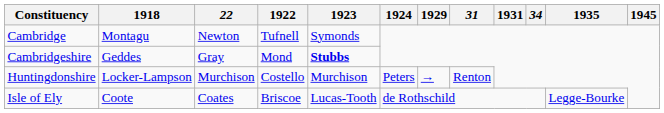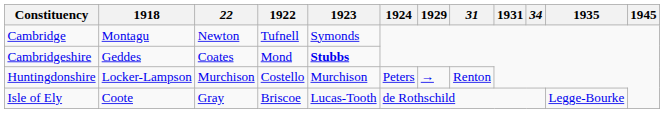 <table class="wikitable">
 <tr>
 <th>Constituency</th>
 <th>1918</th>
 <th><em>22</em></th>
 <th>1922</th>
 <th>1923</th>
 <th>1924</th>
 <th>1929</th>
 <th><em>31</em></th>
 <th>1931</th>
 <th><em>34</em></th>
 <th>1935</th>
 <th>1945</th>
 </tr>
 <tr>
 <td><a href='#'>Cambridge</a></td>
 <td><a href='#'>Montagu</a></td>
 <td><a href='#'>Newton</a></td>
 <td><a href='#'>Tufnell</a></td>
 <td><a href='#'>Symonds</a></td>
 </tr>
 <tr>
 <td><a href='#'>Cambridgeshire</a></td>
 <td><a href='#'>Geddes</a></td>
-<td><a href='#'>Gray</a></td>
+<td><a href='#'>Coates</a></td>
 <td bgcolor=><a href='#'>Mond</a></td>
 <td><strong><a href='#'>Stubbs</a></strong></td>
 </tr>
 <tr>
 <td><a href='#'>Huntingdonshire</a></td>
 <td><a href='#'>Locker-Lampson</a></td>
 <td><a href='#'>Murchison</a></td>
 <td><a href='#'>Costello</a></td>
 <td><a href='#'>Murchison</a></td>
 <td><a href='#'>Peters</a></td>
 <td><a href='#'>→</a></td>
 <td><a href='#'>Renton</a></td>
 </tr>
 <tr>
 <td><a href='#'>Isle of Ely</a></td>
 <td><a href='#'>Coote</a></td>
-<td><a href='#'>Coates</a></td>
+<td><a href='#'>Gray</a></td>
 <td><a href='#'>Briscoe</a></td>
 <td><a href='#'>Lucas-Tooth</a></td>
 <td colspan="5"><a href='#'>de Rothschild</a></td>
 <td><a href='#'>Legge-Bourke</a></td>
 </tr>
 </table>
